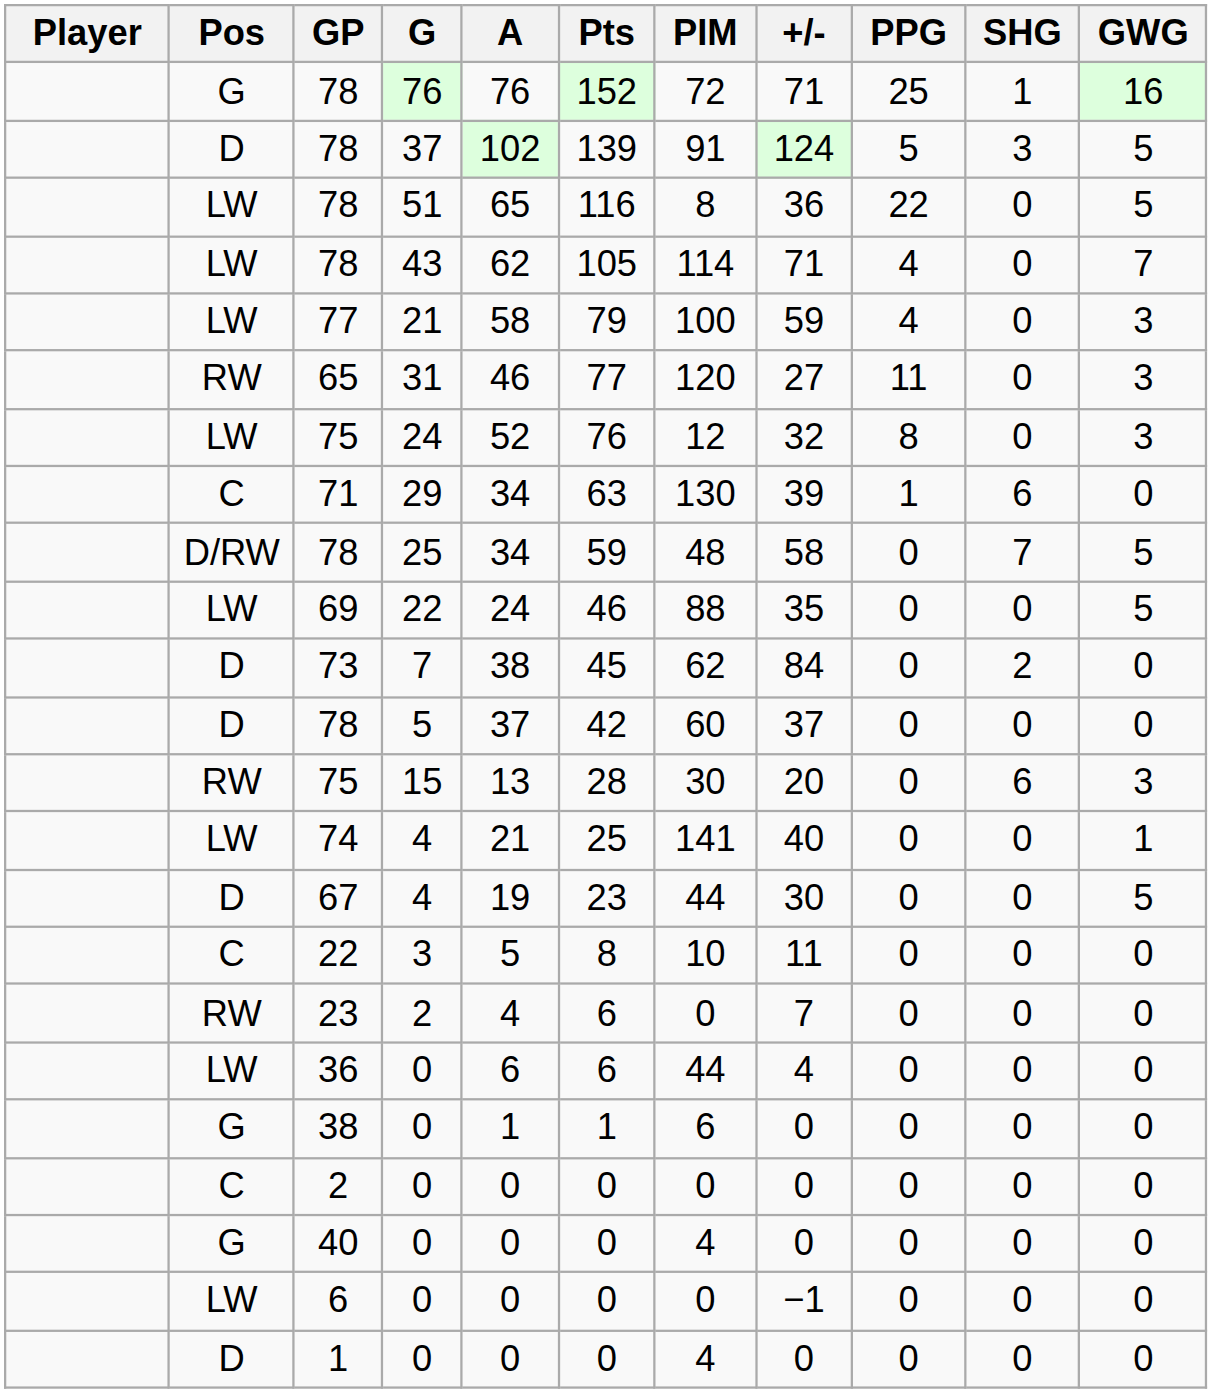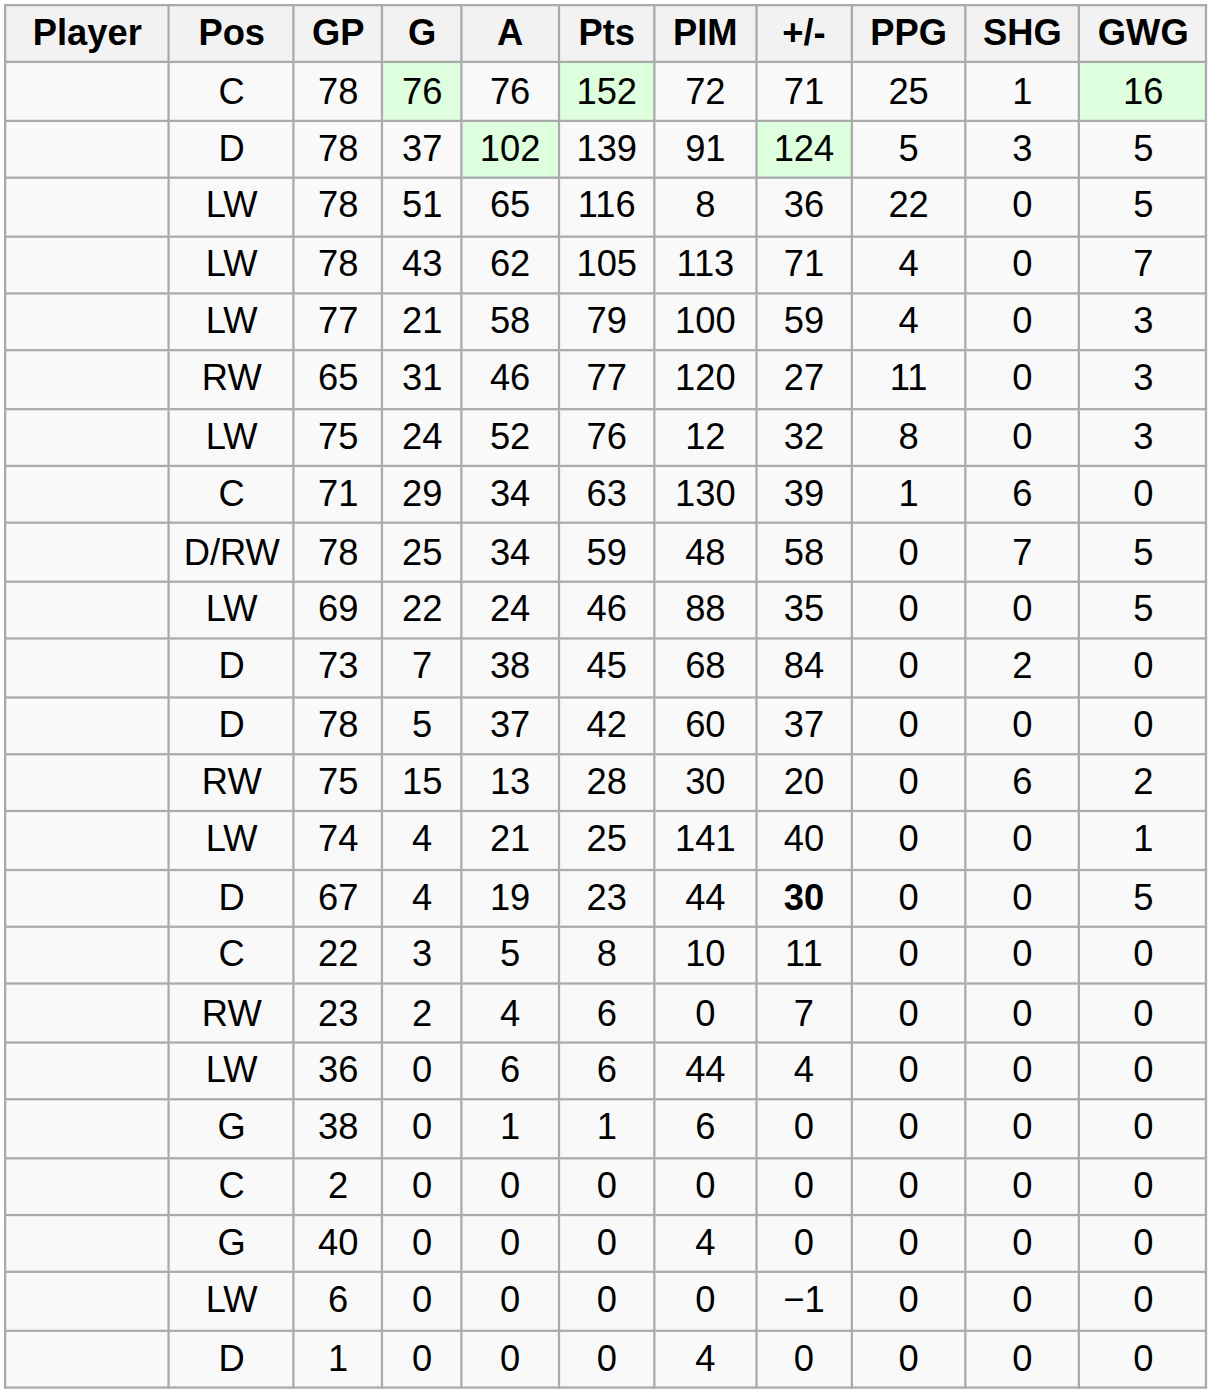 <table class="wikitable sortable" width="60%">
 <tr ALIGN="center">
 <th bgcolor="#DDDDFF" width="10%">Player</th>
 <th bgcolor="#DDDDFF" width="3%" title="Position">Pos</th>
 <th bgcolor="#DDDDFF" width="5%" title="Games played">GP</th>
 <th bgcolor="#DDDDFF" width="5%" title="Goals">G</th>
 <th bgcolor="#DDDDFF" width="5%" title="Assists">A</th>
 <th bgcolor="#DDDDFF" width="5%" title="Points">Pts</th>
 <th bgcolor="#DDDDFF" width="5%" title="Penalties in Minutes">PIM</th>
 <th bgcolor="#DDDDFF" width="5%" title="Plus/minus">+/-</th>
 <th bgcolor="#DDDDFF" width="5%" title="Power play goals">PPG</th>
 <th bgcolor="#DDDDFF" width="5%" title="Short-handed goals">SHG</th>
 <th bgcolor="#DDDDFF" width="5%" title="Game-winning goals">GWG</th>
 </tr>
 <tr align="center">
 <td align="right"></td>
-<td>G</td>
+<td>C</td>
 <td>78</td>
 <td style="background:#DDFFDD;">76</td>
 <td>76</td>
 <td style="background:#DDFFDD;">152</td>
 <td>72</td>
 <td>71</td>
 <td>25</td>
 <td>1</td>
 <td style="background:#DDFFDD;">16</td>
 </tr>
 <tr align="center">
 <td align="right"></td>
 <td>D</td>
 <td>78</td>
 <td>37</td>
 <td style="background:#DDFFDD;">102</td>
 <td>139</td>
 <td>91</td>
 <td style="background:#DDFFDD;">124</td>
 <td>5</td>
 <td>3</td>
 <td>5</td>
 </tr>
 <tr align="center">
 <td align="right"></td>
 <td>LW</td>
 <td>78</td>
 <td>51</td>
 <td>65</td>
 <td>116</td>
 <td>8</td>
 <td>36</td>
 <td>22</td>
 <td>0</td>
 <td>5</td>
 </tr>
 <tr align="center">
 <td align="right"></td>
 <td>LW</td>
 <td>78</td>
 <td>43</td>
 <td>62</td>
 <td>105</td>
-<td>114</td>
+<td>113</td>
 <td>71</td>
 <td>4</td>
 <td>0</td>
 <td>7</td>
 </tr>
 <tr align="center">
 <td align="right"></td>
 <td>LW</td>
 <td>77</td>
 <td>21</td>
 <td>58</td>
 <td>79</td>
 <td>100</td>
 <td>59</td>
 <td>4</td>
 <td>0</td>
 <td>3</td>
 </tr>
 <tr align="center">
 <td align="right"></td>
 <td>RW</td>
 <td>65</td>
 <td>31</td>
 <td>46</td>
 <td>77</td>
 <td>120</td>
 <td>27</td>
 <td>11</td>
 <td>0</td>
 <td>3</td>
 </tr>
 <tr align="center">
 <td align="right"></td>
 <td>LW</td>
 <td>75</td>
 <td>24</td>
 <td>52</td>
 <td>76</td>
 <td>12</td>
 <td>32</td>
 <td>8</td>
 <td>0</td>
 <td>3</td>
 </tr>
 <tr align="center">
 <td align="right"></td>
 <td>C</td>
 <td>71</td>
 <td>29</td>
 <td>34</td>
 <td>63</td>
 <td>130</td>
 <td>39</td>
 <td>1</td>
 <td>6</td>
 <td>0</td>
 </tr>
 <tr align="center">
 <td align="right"></td>
 <td>D/RW</td>
 <td>78</td>
 <td>25</td>
 <td>34</td>
 <td>59</td>
 <td>48</td>
 <td>58</td>
 <td>0</td>
 <td>7</td>
 <td>5</td>
 </tr>
 <tr align="center">
 <td align="right"></td>
 <td>LW</td>
 <td>69</td>
 <td>22</td>
 <td>24</td>
 <td>46</td>
 <td>88</td>
 <td>35</td>
 <td>0</td>
 <td>0</td>
 <td>5</td>
 </tr>
 <tr align="center">
 <td align="right"></td>
 <td>D</td>
 <td>73</td>
 <td>7</td>
 <td>38</td>
 <td>45</td>
-<td>62</td>
+<td>68</td>
 <td>84</td>
 <td>0</td>
 <td>2</td>
 <td>0</td>
 </tr>
 <tr align="center">
 <td align="right"></td>
 <td>D</td>
 <td>78</td>
 <td>5</td>
 <td>37</td>
 <td>42</td>
 <td>60</td>
 <td>37</td>
 <td>0</td>
 <td>0</td>
 <td>0</td>
 </tr>
 <tr align="center">
 <td align="right"></td>
 <td>RW</td>
 <td>75</td>
 <td>15</td>
 <td>13</td>
 <td>28</td>
 <td>30</td>
 <td>20</td>
 <td>0</td>
 <td>6</td>
-<td>3</td>
+<td>2</td>
 </tr>
 <tr align="center">
 <td align="right"></td>
 <td>LW</td>
 <td>74</td>
 <td>4</td>
 <td>21</td>
 <td>25</td>
 <td>141</td>
 <td>40</td>
 <td>0</td>
 <td>0</td>
 <td>1</td>
 </tr>
 <tr align="center">
 <td align="right"></td>
 <td>D</td>
 <td>67</td>
 <td>4</td>
 <td>19</td>
 <td>23</td>
 <td>44</td>
-<td>30</td>
+<td><strong>30</strong></td>
 <td>0</td>
 <td>0</td>
 <td>5</td>
 </tr>
 <tr align="center">
 <td align="right"></td>
 <td>C</td>
 <td>22</td>
 <td>3</td>
 <td>5</td>
 <td>8</td>
 <td>10</td>
 <td>11</td>
 <td>0</td>
 <td>0</td>
 <td>0</td>
 </tr>
 <tr align="center">
 <td align="right"></td>
 <td>RW</td>
 <td>23</td>
 <td>2</td>
 <td>4</td>
 <td>6</td>
 <td>0</td>
 <td>7</td>
 <td>0</td>
 <td>0</td>
 <td>0</td>
 </tr>
 <tr align="center">
 <td align="right"></td>
 <td>LW</td>
 <td>36</td>
 <td>0</td>
 <td>6</td>
 <td>6</td>
 <td>44</td>
 <td>4</td>
 <td>0</td>
 <td>0</td>
 <td>0</td>
 </tr>
 <tr align="center">
 <td align="right"></td>
 <td>G</td>
 <td>38</td>
 <td>0</td>
 <td>1</td>
 <td>1</td>
 <td>6</td>
 <td>0</td>
 <td>0</td>
 <td>0</td>
 <td>0</td>
 </tr>
 <tr align="center">
 <td align="right"></td>
 <td>C</td>
 <td>2</td>
 <td>0</td>
 <td>0</td>
 <td>0</td>
 <td>0</td>
 <td>0</td>
 <td>0</td>
 <td>0</td>
 <td>0</td>
 </tr>
 <tr align="center">
 <td align="right"></td>
 <td>G</td>
 <td>40</td>
 <td>0</td>
 <td>0</td>
 <td>0</td>
 <td>4</td>
 <td>0</td>
 <td>0</td>
 <td>0</td>
 <td>0</td>
 </tr>
 <tr align="center">
 <td align="right"></td>
 <td>LW</td>
 <td>6</td>
 <td>0</td>
 <td>0</td>
 <td>0</td>
 <td>0</td>
 <td>−1</td>
 <td>0</td>
 <td>0</td>
 <td>0</td>
 </tr>
 <tr align="center">
 <td align="right"></td>
 <td>D</td>
 <td>1</td>
 <td>0</td>
 <td>0</td>
 <td>0</td>
 <td>4</td>
 <td>0</td>
 <td>0</td>
 <td>0</td>
 <td>0</td>
 </tr>
 </table>
